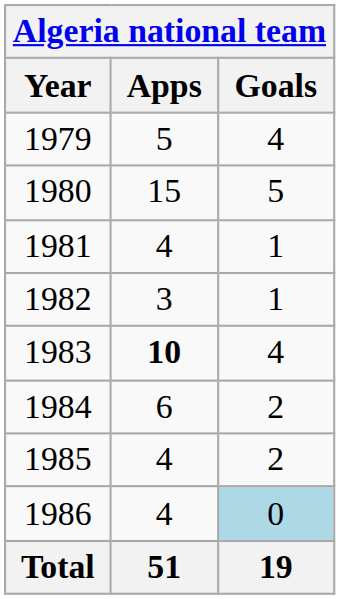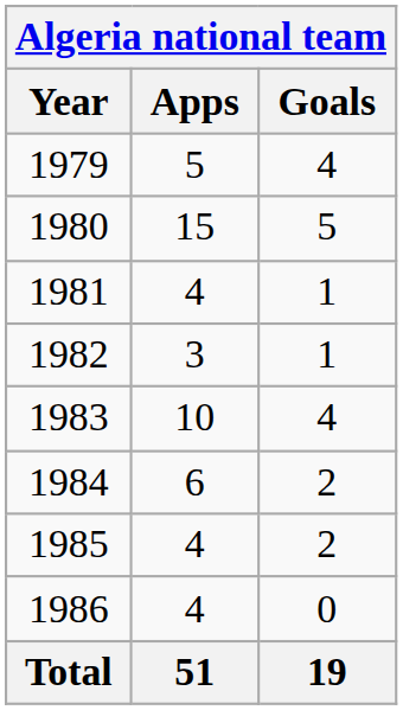 <table class="wikitable" style="text-align:center">
 <tr>
 <th colspan="3"><a href='#'>Algeria national team</a></th>
 </tr>
 <tr>
 <th>Year</th>
 <th>Apps</th>
 <th>Goals</th>
 </tr>
 <tr>
 <td>1979</td>
 <td>5</td>
 <td>4</td>
 </tr>
 <tr>
 <td>1980</td>
 <td>15</td>
 <td>5</td>
 </tr>
 <tr>
 <td>1981</td>
 <td>4</td>
 <td>1</td>
 </tr>
 <tr>
 <td>1982</td>
 <td>3</td>
 <td>1</td>
 </tr>
 <tr>
 <td>1983</td>
-<td><strong>10</strong></td>
+<td>10</td>
 <td>4</td>
 </tr>
 <tr>
 <td>1984</td>
 <td>6</td>
 <td>2</td>
 </tr>
 <tr>
 <td>1985</td>
 <td>4</td>
 <td>2</td>
 </tr>
 <tr>
 <td>1986</td>
 <td>4</td>
-<td style="background: lightblue;">0</td>
+<td>0</td>
 </tr>
 <tr>
 <th>Total</th>
 <th>51</th>
 <th>19</th>
 </tr>
 </table>
